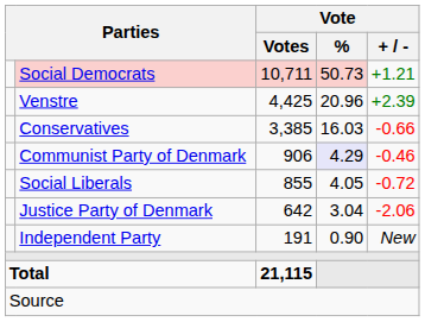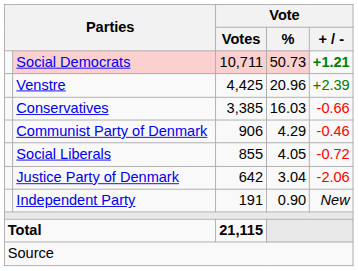 <table class="wikitable" style="text-align:right;">
 <tr>
 <th style="text-align:centre;" rowspan="2" colspan="2" width="225">Parties</th>
 <th colspan="3">Vote</th>
 </tr>
 <tr>
 <th width="15">Votes</th>
 <th width="15">%</th>
 <th width="15">+ / -</th>
 </tr>
 <tr>
 <td width="2" style="color:inherit;background:"></td>
 <td bgcolor=#fbd0ce  align="left"><a href='#'>Social Democrats</a></td>
 <td bgcolor=#fbd0ce>10,711</td>
 <td bgcolor=#fbd0ce>50.73</td>
-<td style=color:green;>+1.21</td>
+<td style=color:green;><strong>+1.21</strong></td>
 </tr>
 <tr>
 <td width="2" style="color:inherit;background:"></td>
 <td align="left"><a href='#'>Venstre</a></td>
 <td>4,425</td>
 <td>20.96</td>
 <td style=color:green;>+2.39</td>
 </tr>
 <tr>
 <td width="2" style="color:inherit;background:"></td>
 <td align="left"><a href='#'>Conservatives</a></td>
 <td>3,385</td>
 <td>16.03</td>
 <td style=color:red;>-0.66</td>
 </tr>
 <tr>
 <td width="2" style="color:inherit;background:"></td>
 <td align="left"><a href='#'>Communist Party of Denmark</a></td>
 <td>906</td>
-<td style="background: lavender;">4.29</td>
+<td>4.29</td>
 <td style=color:red;>-0.46</td>
 </tr>
 <tr>
 <td width="2" style="color:inherit;background:"></td>
 <td align="left"><a href='#'>Social Liberals</a></td>
 <td>855</td>
 <td>4.05</td>
 <td style=color:red;>-0.72</td>
 </tr>
 <tr>
 <td width="2" style="color:inherit;background:"></td>
 <td align="left"><a href='#'>Justice Party of Denmark</a></td>
 <td>642</td>
 <td>3.04</td>
 <td style=color:red;>-2.06</td>
 </tr>
 <tr>
 <td width="2" style="color:inherit;background:"></td>
 <td align="left"><a href='#'>Independent Party</a></td>
 <td>191</td>
 <td>0.90</td>
 <td><em>New</em></td>
 </tr>
 <tr>
 <td colspan="7" bgcolor="#E9E9E9"></td>
 </tr>
 <tr>
 <td align="left" colspan="2"><strong>Total</strong></td>
 <td><strong>21,115</strong></td>
 <td bgcolor="#E9E9E9" colspan="2"></td>
 </tr>
 <tr>
 <td align="left" colspan="6">Source</td>
 </tr>
 </table>
